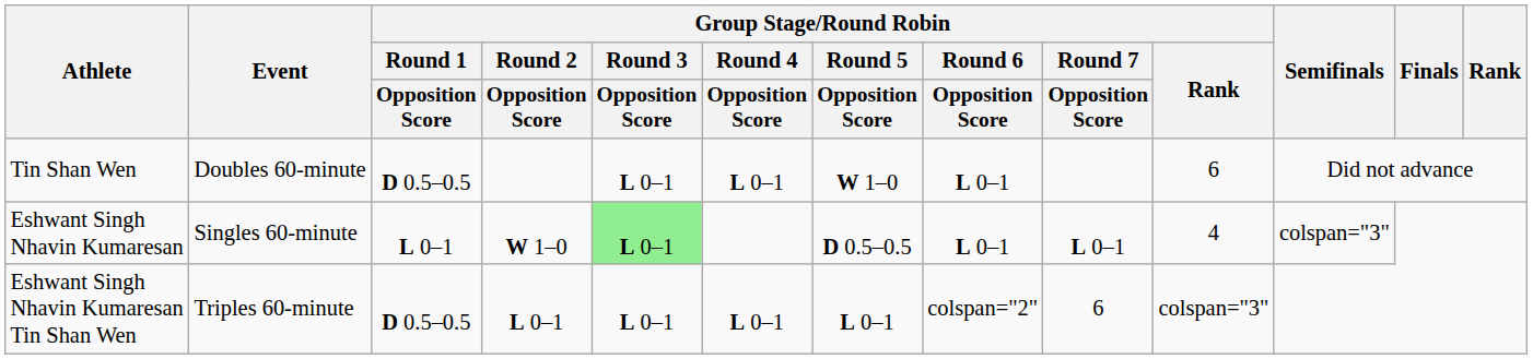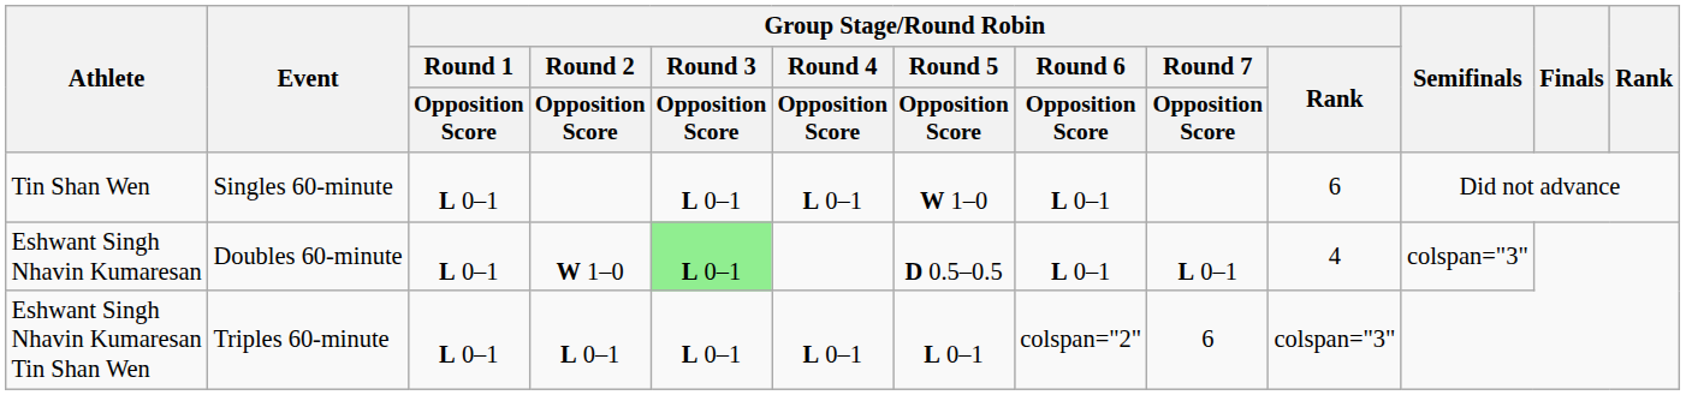 <table class="wikitable" style="font-size:90%">
 <tr>
 <th rowspan="3">Athlete</th>
 <th rowspan="3">Event</th>
 <th colspan="8">Group Stage/Round Robin</th>
 <th rowspan="3">Semifinals</th>
 <th rowspan="3">Finals</th>
 <th rowspan="3">Rank</th>
 </tr>
 <tr>
 <th>Round 1</th>
 <th>Round 2</th>
 <th>Round 3</th>
 <th>Round 4</th>
 <th>Round 5</th>
 <th>Round 6</th>
 <th>Round 7</th>
 <th rowspan="2">Rank</th>
 </tr>
 <tr style="font-size:95%" align="center">
 <th>Opposition<br>Score</th>
 <th>Opposition<br>Score</th>
 <th>Opposition<br>Score</th>
 <th>Opposition<br>Score</th>
 <th>Opposition<br>Score</th>
 <th>Opposition<br>Score</th>
 <th>Opposition<br>Score</th>
 </tr>
 <tr align="center">
 <td align="left">Tin Shan Wen</td>
-<td align="left">Doubles 60-minute</td>
-<td><br><strong>D</strong> 0.5–0.5</td>
+<td align="left">Singles 60-minute</td>
+<td><br><strong>L</strong> 0–1</td>
 <td></td>
 <td><br><strong>L</strong> 0–1</td>
 <td><br><strong>L</strong> 0–1</td>
 <td><br><strong>W</strong> 1–0</td>
 <td><br><strong>L</strong> 0–1</td>
 <td></td>
 <td>6</td>
 <td colspan="3">Did not advance</td>
 </tr>
 <tr align="center">
 <td align="left">Eshwant Singh<br>Nhavin Kumaresan</td>
-<td align="left">Singles 60-minute</td>
+<td align="left">Doubles 60-minute</td>
 <td><br><strong>L</strong> 0–1</td>
 <td><br><strong>W</strong> 1–0</td>
 <td style="background: lightgreen;"><br><strong>L</strong> 0–1</td>
 <td></td>
 <td><br><strong>D</strong> 0.5–0.5</td>
 <td><br><strong>L</strong> 0–1</td>
 <td><br><strong>L</strong> 0–1</td>
 <td>4</td>
 <td>colspan="3" </td>
 </tr>
 <tr align="center">
 <td align="left">Eshwant Singh<br>Nhavin Kumaresan<br>Tin Shan Wen</td>
 <td align="left">Triples 60-minute</td>
-<td><br><strong>D</strong> 0.5–0.5</td>
+<td><br><strong>L</strong> 0–1</td>
 <td><br><strong>L</strong> 0–1</td>
 <td><br><strong>L</strong> 0–1</td>
 <td><br><strong>L</strong> 0–1</td>
 <td><br><strong>L</strong> 0–1</td>
 <td>colspan="2" </td>
 <td>6</td>
 <td>colspan="3" </td>
 </tr>
 </table>
